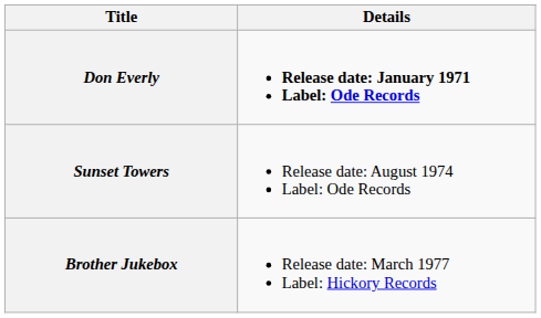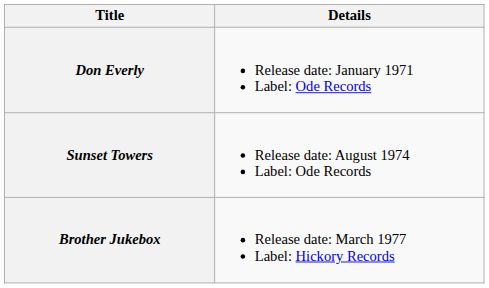 <table class="wikitable plainrowheaders">
 <tr>
 <th style="width:14em;">Title</th>
 <th style="width:18em;">Details</th>
 </tr>
 <tr>
 <th scope="row"><em>Don Everly</em></th>
-<td><strong><br><ul><li>Release date: January 1971</li><li>Label: <a href='#'>Ode Records</a></li></ul></strong></td>
+<td><br><ul><li>Release date: January 1971</li><li>Label: <a href='#'>Ode Records</a></li></ul></td>
 </tr>
 <tr>
 <th scope="row"><em>Sunset Towers</em></th>
 <td><br><ul><li>Release date: August 1974</li><li>Label: Ode Records</li></ul></td>
 </tr>
 <tr>
 <th scope="row"><em>Brother Jukebox</em></th>
 <td><br><ul><li>Release date: March 1977</li><li>Label: <a href='#'>Hickory Records</a></li></ul></td>
 </tr>
 </table>
